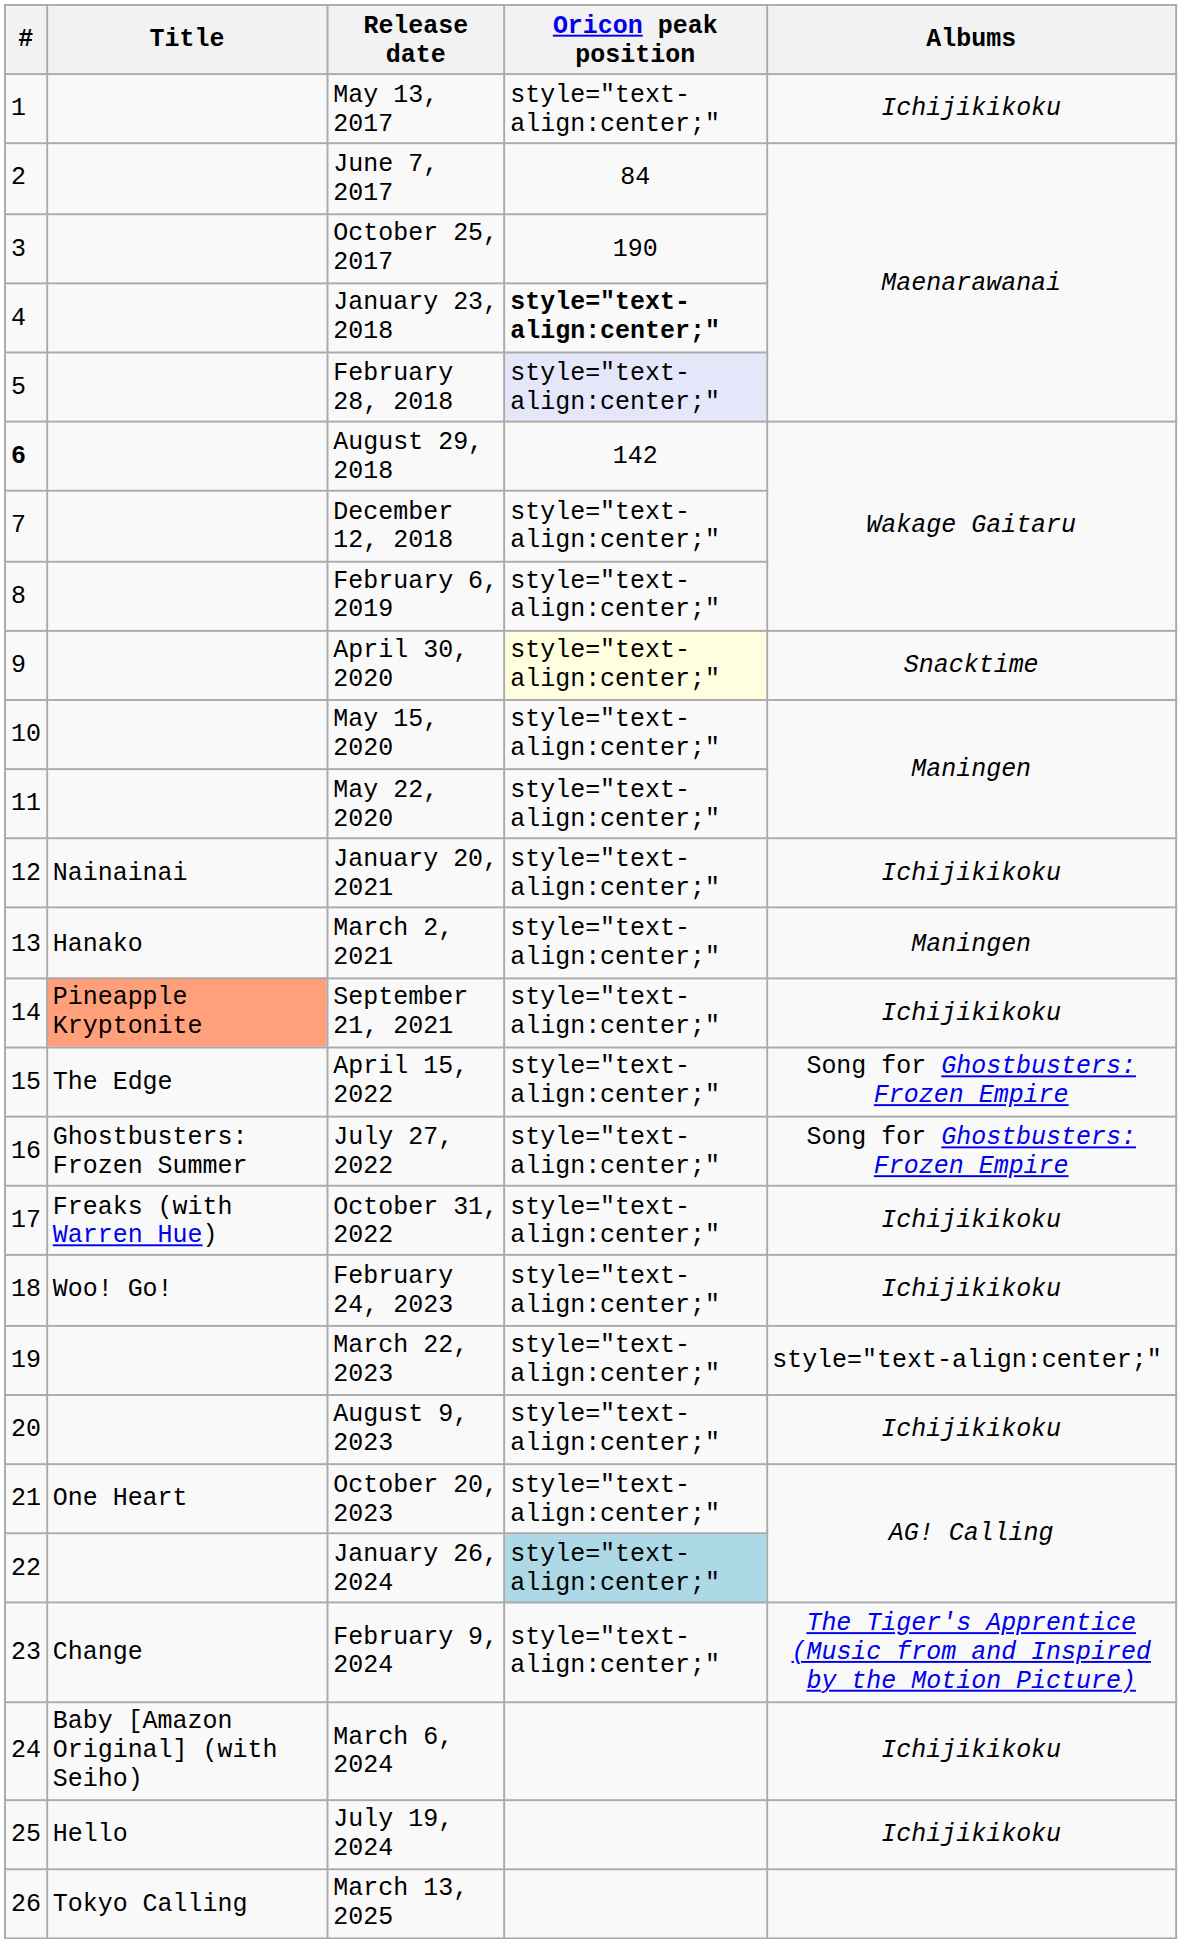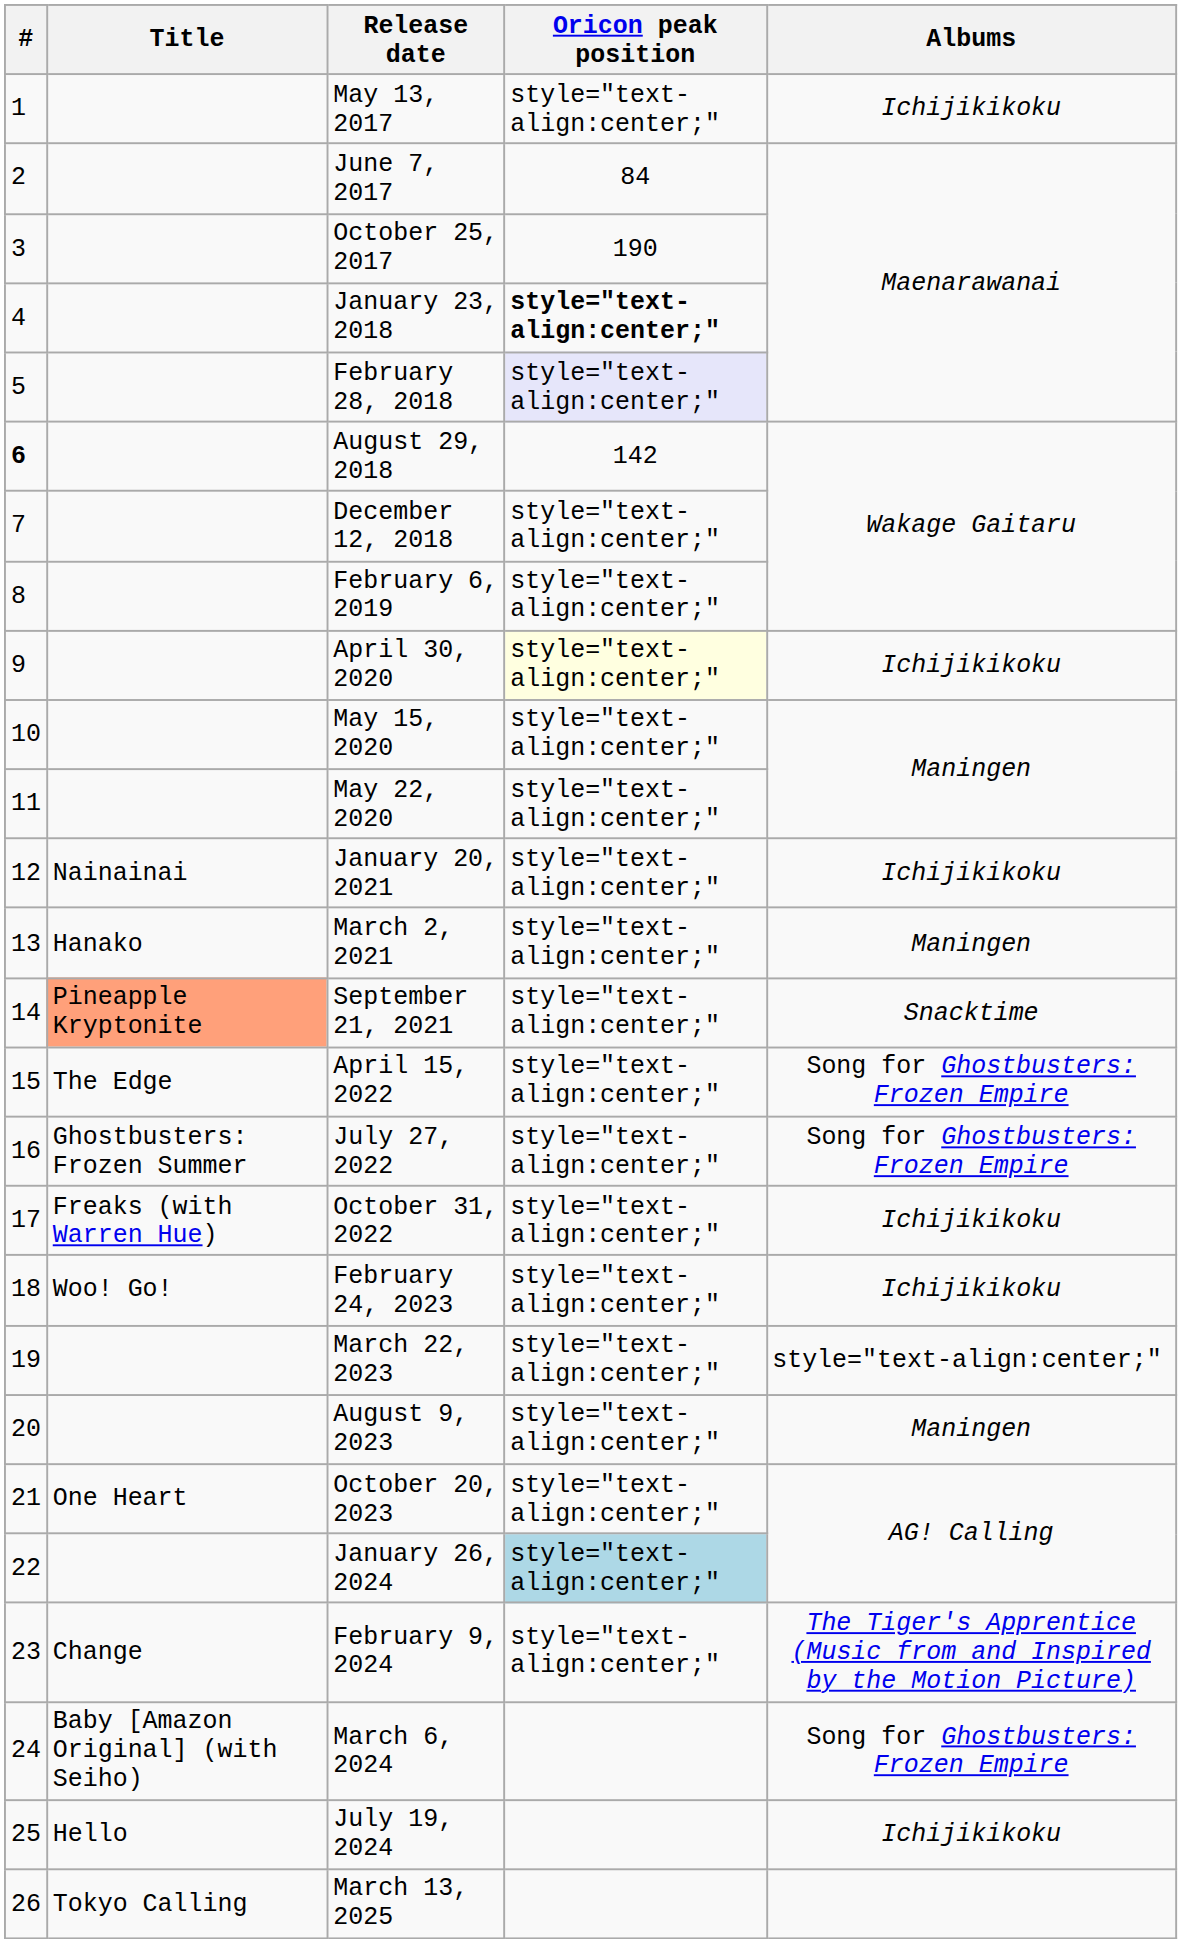 <table class="wikitable">
 <tr>
 <th>#</th>
 <th>Title</th>
 <th>Release date</th>
 <th><a href='#'>Oricon</a> peak<br>position</th>
 <th>Albums</th>
 </tr>
 <tr>
 <td>1</td>
 <td></td>
 <td>May 13, 2017</td>
 <td>style="text-align:center;" </td>
 <td style="text-align:center;"><em>Ichijikikoku</em></td>
 </tr>
 <tr>
 <td>2</td>
 <td></td>
 <td>June 7, 2017</td>
 <td style="text-align:center;">84</td>
 <td rowspan="4" style="text-align:center;"><em>Maenarawanai</em></td>
 </tr>
 <tr>
 <td>3</td>
 <td></td>
 <td>October 25, 2017</td>
 <td style="text-align:center;">190</td>
 </tr>
 <tr>
 <td>4</td>
 <td></td>
 <td>January 23, 2018</td>
 <td><strong>style="text-align:center;" </strong></td>
 </tr>
 <tr>
 <td>5</td>
 <td></td>
 <td>February 28, 2018</td>
 <td style="background: lavender;">style="text-align:center;" </td>
 </tr>
 <tr>
 <td><strong>6</strong></td>
 <td></td>
 <td>August 29, 2018</td>
 <td style="text-align:center;">142</td>
 <td rowspan="3" style="text-align:center;"><em>Wakage Gaitaru</em></td>
 </tr>
 <tr>
 <td>7</td>
 <td></td>
 <td>December 12, 2018</td>
 <td>style="text-align:center;" </td>
 </tr>
 <tr>
 <td>8</td>
 <td></td>
 <td>February 6, 2019</td>
 <td>style="text-align:center;" </td>
 </tr>
 <tr>
 <td>9</td>
 <td></td>
 <td>April 30, 2020</td>
 <td style="background: lightyellow;">style="text-align:center;" </td>
-<td style="text-align:center;"><em>Snacktime</em></td>
+<td style="text-align:center;"><em>Ichijikikoku</em></td>
 </tr>
 <tr>
 <td>10</td>
 <td></td>
 <td>May 15, 2020</td>
 <td>style="text-align:center;" </td>
 <td rowspan="2" style="text-align:center;"><em>Maningen</em></td>
 </tr>
 <tr>
 <td>11</td>
 <td></td>
 <td>May 22, 2020</td>
 <td>style="text-align:center;" </td>
 </tr>
 <tr>
 <td>12</td>
 <td>Nainainai</td>
 <td>January 20, 2021</td>
 <td>style="text-align:center;" </td>
 <td style="text-align:center;"><em>Ichijikikoku</em></td>
 </tr>
 <tr>
 <td>13</td>
 <td>Hanako</td>
 <td>March 2, 2021</td>
 <td>style="text-align:center;" </td>
 <td style="text-align:center;"><em>Maningen</em></td>
 </tr>
 <tr>
 <td>14</td>
 <td style="background: lightsalmon;">Pineapple Kryptonite</td>
 <td>September 21, 2021</td>
 <td>style="text-align:center;" </td>
-<td style="text-align:center;"><em>Ichijikikoku</em></td>
+<td style="text-align:center;"><em>Snacktime</em></td>
 </tr>
 <tr>
 <td>15</td>
 <td>The Edge</td>
 <td>April 15, 2022</td>
 <td>style="text-align:center;" </td>
 <td style="text-align:center;">Song for <em><a href='#'>Ghostbusters: Frozen Empire</a></em></td>
 </tr>
 <tr>
 <td>16</td>
 <td>Ghostbusters: Frozen Summer</td>
 <td>July 27, 2022</td>
 <td>style="text-align:center;" </td>
 <td style="text-align:center;">Song for <em><a href='#'>Ghostbusters: Frozen Empire</a></em></td>
 </tr>
 <tr>
 <td>17</td>
 <td>Freaks <span>(with <a href='#'>Warren Hue</a>)</span></td>
 <td>October 31, 2022</td>
 <td>style="text-align:center;" </td>
 <td style="text-align:center;"><em>Ichijikikoku</em></td>
 </tr>
 <tr>
 <td>18</td>
 <td>Woo! Go!</td>
 <td>February 24, 2023</td>
 <td>style="text-align:center;" </td>
 <td style="text-align:center;"><em>Ichijikikoku</em></td>
 </tr>
 <tr>
 <td>19</td>
 <td></td>
 <td>March 22, 2023</td>
 <td>style="text-align:center;" </td>
 <td>style="text-align:center;" </td>
 </tr>
 <tr>
 <td>20</td>
 <td></td>
 <td>August 9, 2023</td>
 <td>style="text-align:center;" </td>
-<td style="text-align:center;"><em>Ichijikikoku</em></td>
+<td style="text-align:center;"><em>Maningen</em></td>
 </tr>
 <tr>
 <td>21</td>
 <td>One Heart</td>
 <td>October 20, 2023</td>
 <td>style="text-align:center;" </td>
 <td rowspan="2" style="text-align:center;"><em>AG! Calling</em></td>
 </tr>
 <tr>
 <td>22</td>
 <td></td>
 <td>January 26, 2024</td>
 <td style="background: lightblue;">style="text-align:center;" </td>
 </tr>
 <tr>
 <td>23</td>
 <td>Change</td>
 <td>February 9, 2024</td>
 <td>style="text-align:center;" </td>
 <td style="text-align:center;"><em><a href='#'>The Tiger's Apprentice (Music from and Inspired by the Motion Picture)</a></em></td>
 </tr>
 <tr>
 <td>24</td>
 <td>Baby [Amazon Original] <span>(with Seiho)</span></td>
 <td>March 6, 2024</td>
 <td></td>
-<td style="text-align:center;"><em>Ichijikikoku</em></td>
+<td style="text-align:center;">Song for <em><a href='#'>Ghostbusters: Frozen Empire</a></em></td>
 </tr>
 <tr>
 <td>25</td>
 <td>Hello</td>
 <td>July 19, 2024</td>
 <td></td>
 <td style="text-align:center;"><em>Ichijikikoku</em></td>
 </tr>
 <tr>
 <td>26</td>
 <td>Tokyo Calling</td>
 <td>March 13, 2025</td>
 <td></td>
 <td></td>
 </tr>
 </table>
